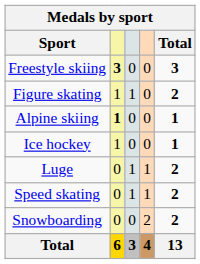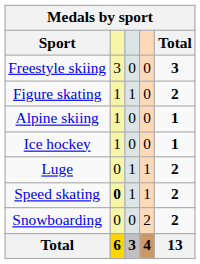 <table class=wikitable style=font-size:85%;float:right;text-align:center>
 <tr>
 <th colspan=5>Medals by sport</th>
 </tr>
 <tr>
 <th>Sport</th>
 <td bgcolor=F7F6A8></td>
 <td bgcolor=DCE5E5></td>
 <td bgcolor=FFDAB9></td>
 <th>Total</th>
 </tr>
 <tr>
 <td><a href='#'>Freestyle skiing</a></td>
-<td bgcolor=F7F6A8><strong>3</strong></td>
+<td bgcolor=F7F6A8>3</td>
 <td bgcolor=DCE5E5>0</td>
 <td bgcolor=FFDAB9>0</td>
 <td><strong>3</strong></td>
 </tr>
 <tr>
 <td><a href='#'>Figure skating</a></td>
 <td bgcolor=F7F6A8>1</td>
 <td bgcolor=DCE5E5>1</td>
 <td bgcolor=FFDAB9>0</td>
 <td><strong>2</strong></td>
 </tr>
 <tr>
 <td><a href='#'>Alpine skiing</a></td>
-<td bgcolor=F7F6A8><strong>1</strong></td>
+<td bgcolor=F7F6A8>1</td>
 <td bgcolor=DCE5E5>0</td>
 <td bgcolor=FFDAB9>0</td>
 <td><strong>1</strong></td>
 </tr>
 <tr>
 <td><a href='#'>Ice hockey</a></td>
 <td bgcolor=F7F6A8>1</td>
 <td bgcolor=DCE5E5>0</td>
 <td bgcolor=FFDAB9>0</td>
 <td><strong>1</strong></td>
 </tr>
 <tr>
 <td><a href='#'>Luge</a></td>
 <td bgcolor=F7F6A8>0</td>
 <td bgcolor=DCE5E5>1</td>
 <td bgcolor=FFDAB9>1</td>
 <td><strong>2</strong></td>
 </tr>
 <tr>
 <td><a href='#'>Speed skating</a></td>
-<td bgcolor=F7F6A8>0</td>
+<td bgcolor=F7F6A8><strong>0</strong></td>
 <td bgcolor=DCE5E5>1</td>
 <td bgcolor=FFDAB9>1</td>
 <td><strong>2</strong></td>
 </tr>
 <tr>
 <td><a href='#'>Snowboarding</a></td>
 <td bgcolor=F7F6A8>0</td>
 <td bgcolor=DCE5E5>0</td>
 <td bgcolor=FFDAB9>2</td>
 <td><strong>2</strong></td>
 </tr>
 <tr>
 <th>Total</th>
 <th style=background:gold>6</th>
 <th style=background:silver>3</th>
 <th style=background:#c96>4</th>
 <th>13</th>
 </tr>
 </table>
